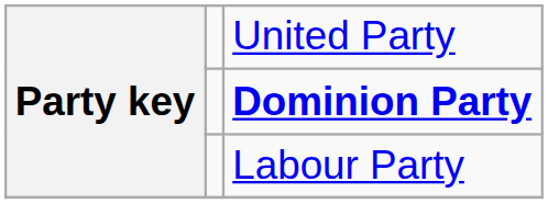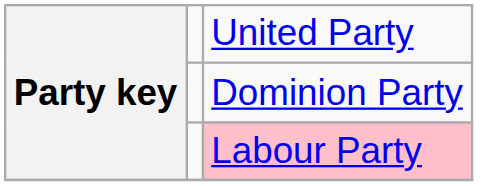 <table class=wikitable>
 <tr>
 <th rowspan=3>Party key</th>
 <td style="background-color: "></td>
 <td><a href='#'>United Party</a></td>
 </tr>
 <tr>
 <td style="background-color: "></td>
-<td><strong><a href='#'>Dominion Party</a></strong></td>
+<td><a href='#'>Dominion Party</a></td>
 </tr>
 <tr>
 <td style="background-color: "></td>
-<td><a href='#'>Labour Party</a></td>
+<td style="background: pink;"><a href='#'>Labour Party</a></td>
 </tr>
 <tr>
 </tr>
 </table>
